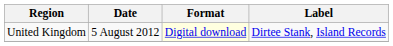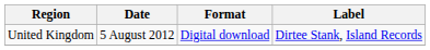 <table class=wikitable>
 <tr>
 <th>Region</th>
 <th>Date</th>
 <th>Format</th>
 <th>Label</th>
 </tr>
 <tr>
 <td>United Kingdom</td>
 <td>5 August 2012</td>
-<td style="background: lightyellow;"><a href='#'>Digital download</a></td>
+<td><a href='#'>Digital download</a></td>
 <td><a href='#'>Dirtee Stank</a>, <a href='#'>Island Records</a></td>
 </tr>
 <tr>
 </tr>
 </table>
